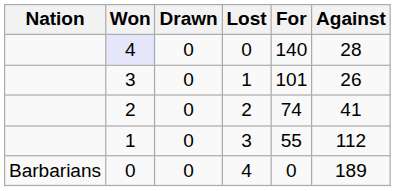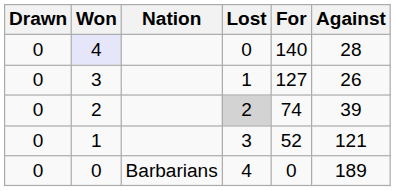 <table class="wikitable" style="text-align: center;">
 <tr>
+<th>Drawn</th>
+<th>Won</th>
 <th>Nation</th>
-<th>Won</th>
-<th>Drawn</th>
 <th>Lost</th>
 <th>For</th>
 <th>Against</th>
 </tr>
 <tr>
+<td>0</td>
+<td style="background: lavender;">4</td>
 <td align="left"></td>
-<td style="background: lavender;">4</td>
-<td>0</td>
 <td>0</td>
 <td>140</td>
 <td>28</td>
 </tr>
 <tr>
+<td>0</td>
+<td>3</td>
 <td align="left"></td>
-<td>3</td>
-<td>0</td>
 <td>1</td>
-<td>101</td>
+<td>127</td>
 <td>26</td>
 </tr>
 <tr>
-<td align="left"></td>
-<td>2</td>
 <td>0</td>
 <td>2</td>
+<td align="left"></td>
+<td style="background: lightgrey;">2</td>
 <td>74</td>
-<td>41</td>
+<td>39</td>
 </tr>
 <tr>
+<td>0</td>
+<td>1</td>
 <td align="left"></td>
-<td>1</td>
-<td>0</td>
 <td>3</td>
-<td>55</td>
-<td>112</td>
+<td>52</td>
+<td>121</td>
 </tr>
 <tr>
-<td align="left">Barbarians</td>
 <td>0</td>
 <td>0</td>
+<td align="left">Barbarians</td>
 <td>4</td>
 <td>0</td>
 <td>189</td>
 </tr>
 </table>
